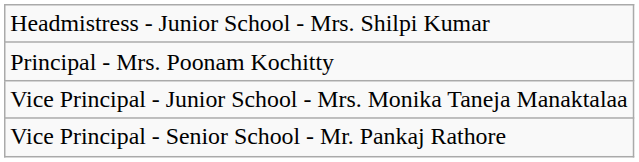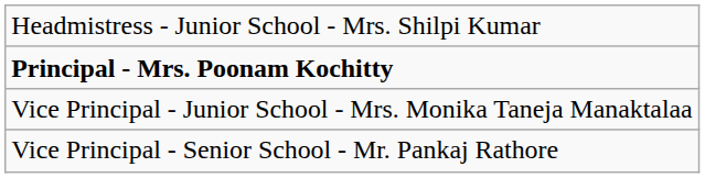 <table class="wikitable">
 <tr>
 <td>Headmistress - Junior School - Mrs. Shilpi Kumar</td>
 </tr>
 <tr>
-<td>Principal - Mrs. Poonam Kochitty</td>
+<td><strong>Principal - Mrs. Poonam Kochitty</strong></td>
 </tr>
 <tr>
 <td>Vice Principal - Junior School - Mrs. Monika Taneja Manaktalaa</td>
 </tr>
 <tr>
 <td>Vice Principal - Senior School - Mr. Pankaj Rathore</td>
 </tr>
 </table>
